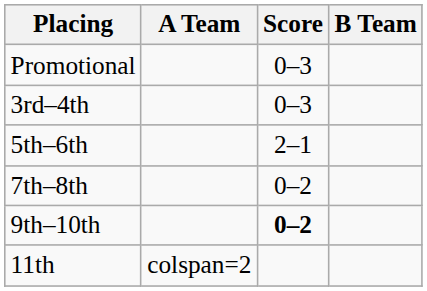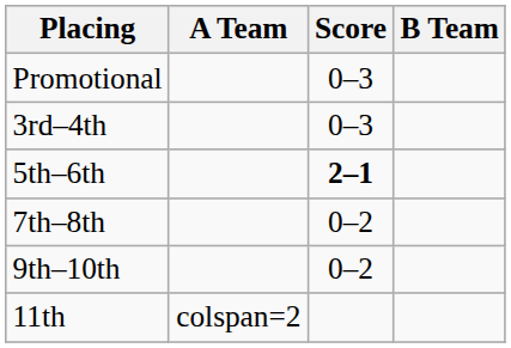 <table class=wikitable style="border:1px solid #AAAAAA;">
 <tr>
 <th>Placing</th>
 <th>A Team</th>
 <th>Score</th>
 <th>B Team</th>
 </tr>
 <tr>
 <td>Promotional</td>
 <td></td>
 <td align="center">0–3</td>
 <td><strong></strong></td>
 </tr>
 <tr>
 <td>3rd–4th</td>
 <td></td>
 <td align="center">0–3</td>
 <td><strong></strong></td>
 </tr>
 <tr>
 <td>5th–6th</td>
 <td><strong></strong></td>
-<td align="center">2–1</td>
+<td align="center"><strong>2–1</strong></td>
 <td></td>
 </tr>
 <tr>
 <td>7th–8th</td>
 <td></td>
 <td align="center">0–2</td>
 <td><strong></strong></td>
 </tr>
 <tr>
 <td>9th–10th</td>
 <td></td>
-<td align="center"><strong>0–2</strong></td>
+<td align="center">0–2</td>
 <td><strong></strong></td>
 </tr>
 <tr>
 <td>11th</td>
 <td>colspan=2 </td>
 <td></td>
 </tr>
 </table>
